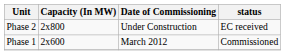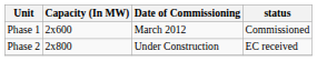 <table class="wikitable">
 <tr>
 <th>Unit</th>
 <th>Capacity (In MW)</th>
 <th>Date of Commissioning</th>
 <th>status</th>
 </tr>
 <tr>
+<td>Phase 1</td>
+<td>2x600</td>
+<td>March 2012</td>
+<td>Commissioned</td>
+</tr>
+<tr>
 <td>Phase 2</td>
 <td>2x800</td>
 <td>Under Construction</td>
 <td>EC received</td>
 </tr>
 <tr>
-<td>Phase 1</td>
-<td>2x600</td>
-<td>March 2012</td>
-<td>Commissioned</td>
-</tr>
-<tr>
 </tr>
 </table>
